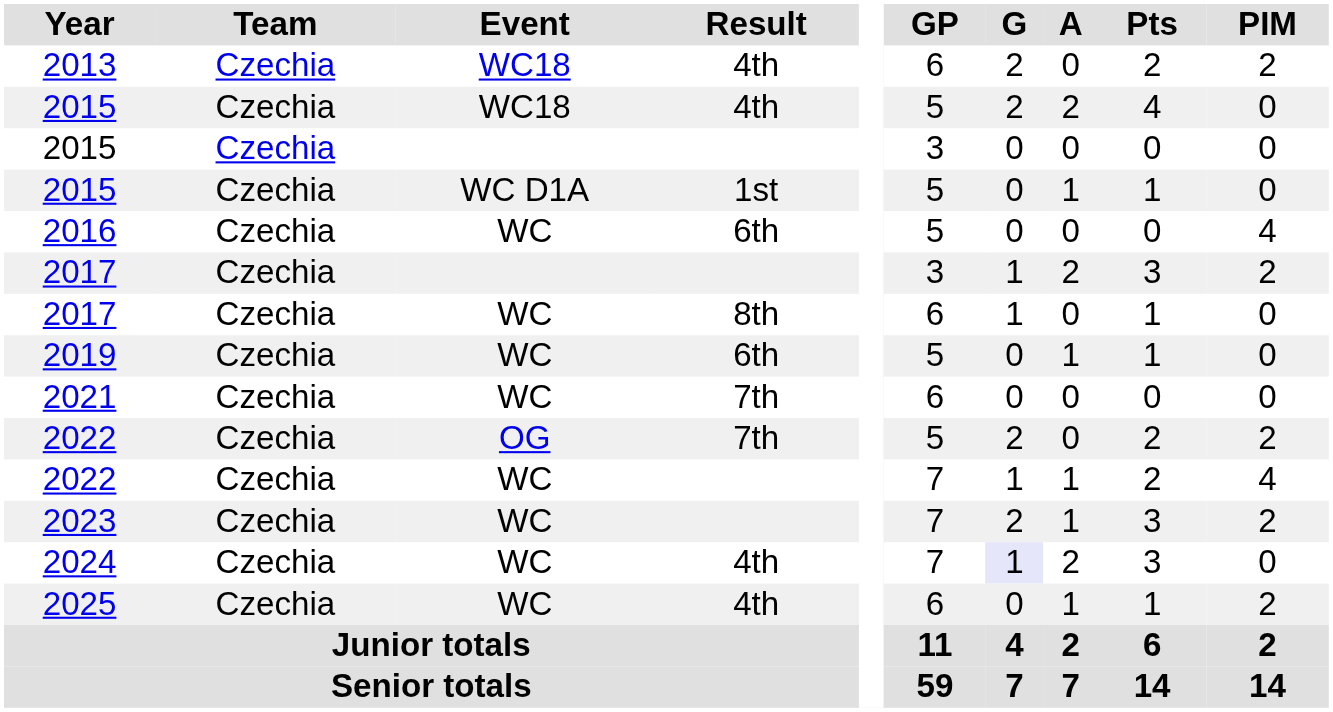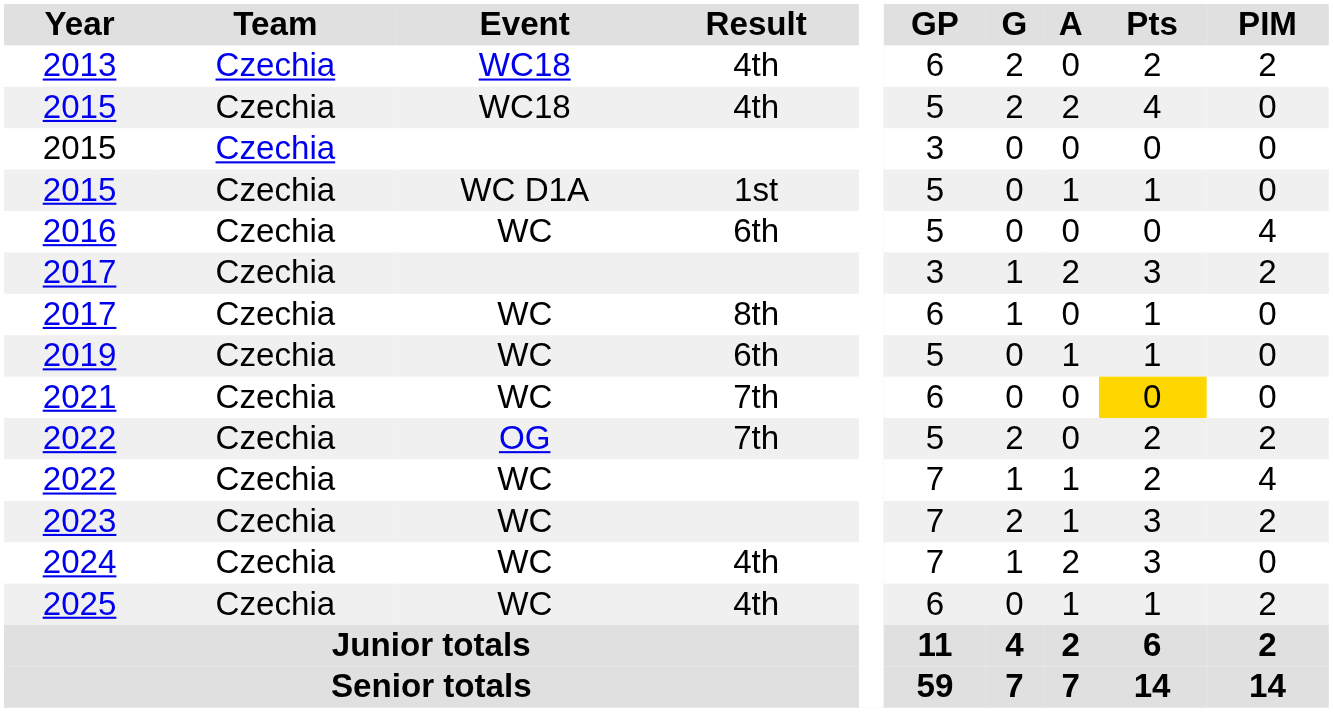 <table border="0" cellpadding="1" cellspacing="0" style="text-align:center; width:40em">
 <tr ALIGN="centre" bgcolor="#e0e0e0">
 <th>Year</th>
 <th>Team</th>
 <th>Event</th>
 <th>Result</th>
 <th rowspan="88" bgcolor="#ffffff"> </th>
 <th>GP</th>
 <th>G</th>
 <th>A</th>
 <th>Pts</th>
 <th>PIM</th>
 </tr>
 <tr>
 <td><a href='#'>2013</a></td>
 <td><a href='#'>Czechia</a></td>
 <td><a href='#'>WC18</a></td>
 <td>4th</td>
 <td>6</td>
 <td>2</td>
 <td>0</td>
 <td>2</td>
 <td>2</td>
 </tr>
 <tr bgcolor="#f0f0f0">
 <td><a href='#'>2015</a></td>
 <td>Czechia</td>
 <td>WC18</td>
 <td>4th</td>
 <td>5</td>
 <td>2</td>
 <td>2</td>
 <td>4</td>
 <td>0</td>
 </tr>
 <tr>
 <td>2015</td>
 <td><a href='#'>Czechia</a></td>
 <td></td>
 <td></td>
 <td>3</td>
 <td>0</td>
 <td>0</td>
 <td>0</td>
 <td>0</td>
 </tr>
 <tr bgcolor="#f0f0f0">
 <td><a href='#'>2015</a></td>
 <td>Czechia</td>
 <td>WC D1A</td>
 <td>1st</td>
 <td>5</td>
 <td>0</td>
 <td>1</td>
 <td>1</td>
 <td>0</td>
 </tr>
 <tr>
 <td><a href='#'>2016</a></td>
 <td>Czechia</td>
 <td>WC</td>
 <td>6th</td>
 <td>5</td>
 <td>0</td>
 <td>0</td>
 <td>0</td>
 <td>4</td>
 </tr>
 <tr bgcolor="#f0f0f0">
 <td><a href='#'>2017</a></td>
 <td>Czechia</td>
 <td></td>
 <td></td>
 <td>3</td>
 <td>1</td>
 <td>2</td>
 <td>3</td>
 <td>2</td>
 </tr>
 <tr>
 <td><a href='#'>2017</a></td>
 <td>Czechia</td>
 <td>WC</td>
 <td>8th</td>
 <td>6</td>
 <td>1</td>
 <td>0</td>
 <td>1</td>
 <td>0</td>
 </tr>
 <tr bgcolor="#f0f0f0">
 <td><a href='#'>2019</a></td>
 <td>Czechia</td>
 <td>WC</td>
 <td>6th</td>
 <td>5</td>
 <td>0</td>
 <td>1</td>
 <td>1</td>
 <td>0</td>
 </tr>
 <tr>
 <td><a href='#'>2021</a></td>
 <td>Czechia</td>
 <td>WC</td>
 <td>7th</td>
 <td>6</td>
 <td>0</td>
 <td>0</td>
-<td>0</td>
+<td style="background: gold;">0</td>
 <td>0</td>
 </tr>
 <tr bgcolor="#f0f0f0">
 <td><a href='#'>2022</a></td>
 <td>Czechia</td>
 <td><a href='#'>OG</a></td>
 <td>7th</td>
 <td>5</td>
 <td>2</td>
 <td>0</td>
 <td>2</td>
 <td>2</td>
 </tr>
 <tr>
 <td><a href='#'>2022</a></td>
 <td>Czechia</td>
 <td>WC</td>
 <td></td>
 <td>7</td>
 <td>1</td>
 <td>1</td>
 <td>2</td>
 <td>4</td>
 </tr>
 <tr bgcolor="#f0f0f0">
 <td><a href='#'>2023</a></td>
 <td>Czechia</td>
 <td>WC</td>
 <td></td>
 <td>7</td>
 <td>2</td>
 <td>1</td>
 <td>3</td>
 <td>2</td>
 </tr>
 <tr>
 <td><a href='#'>2024</a></td>
 <td>Czechia</td>
 <td>WC</td>
 <td>4th</td>
 <td>7</td>
-<td style="background: lavender;">1</td>
+<td>1</td>
 <td>2</td>
 <td>3</td>
 <td>0</td>
 </tr>
 <tr bgcolor="#f0f0f0">
 <td><a href='#'>2025</a></td>
 <td>Czechia</td>
 <td>WC</td>
 <td>4th</td>
 <td>6</td>
 <td>0</td>
 <td>1</td>
 <td>1</td>
 <td>2</td>
 </tr>
 <tr align="centre" bgcolor="#e0e0e0">
 <th colspan="4">Junior totals</th>
 <th>11</th>
 <th>4</th>
 <th>2</th>
 <th>6</th>
 <th>2</th>
 </tr>
 <tr align="centre" bgcolor="#e0e0e0">
 <th colspan="4">Senior totals</th>
 <th>59</th>
 <th>7</th>
 <th>7</th>
 <th>14</th>
 <th>14</th>
 </tr>
 </table>
